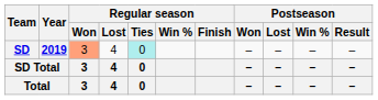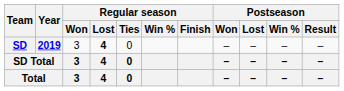 <table class="wikitable" style="font-size: 95%; text-align:center;">
 <tr>
 <th rowspan="2">Team</th>
 <th rowspan="2">Year</th>
 <th colspan="5">Regular season</th>
 <th colspan="4">Postseason</th>
 </tr>
 <tr>
 <th>Won</th>
 <th>Lost</th>
 <th>Ties</th>
 <th>Win %</th>
 <th>Finish</th>
 <th>Won</th>
 <th>Lost</th>
 <th>Win %</th>
 <th>Result</th>
 </tr>
 <tr>
 <th><a href='#'>SD</a></th>
 <th><a href='#'>2019</a></th>
-<td style="background: lightsalmon;">3</td>
-<td>4</td>
-<td style="background: paleturquoise;">0</td>
+<td>3</td>
+<td><strong>4</strong></td>
+<td>0</td>
 <td></td>
 <td></td>
 <td>–</td>
 <td>–</td>
 <td>–</td>
 <td>–</td>
 </tr>
 <tr>
 <th colspan="2">SD Total</th>
 <th>3</th>
 <th>4</th>
 <th>0</th>
 <th></th>
 <th></th>
 <th>–</th>
 <th>–</th>
 <th>–</th>
 <th>–</th>
 </tr>
 <tr>
 <th colspan="2">Total</th>
 <th>3</th>
 <th>4</th>
 <th>0</th>
 <th></th>
 <th></th>
 <th>–</th>
 <th>–</th>
 <th>–</th>
 <th>–</th>
 </tr>
 </table>
